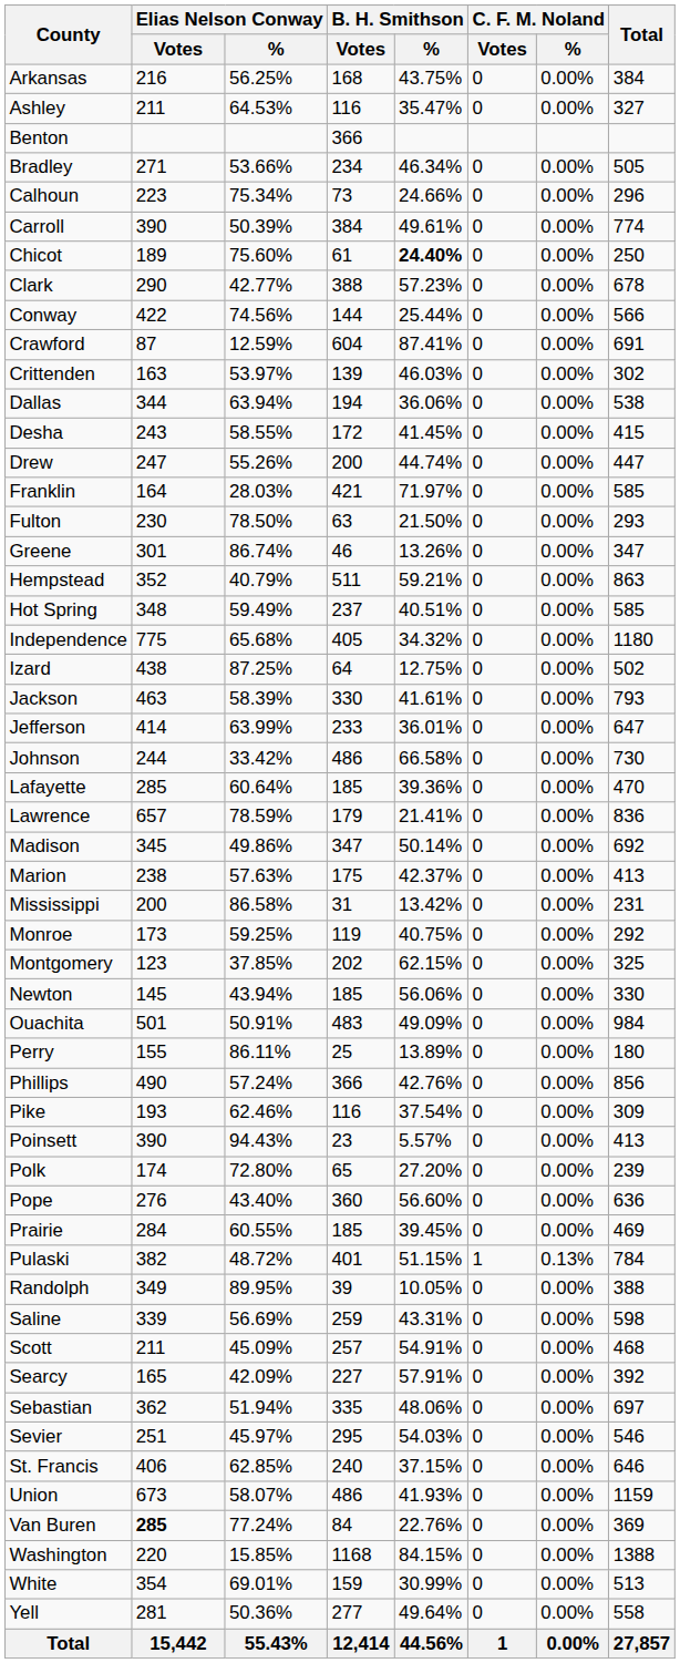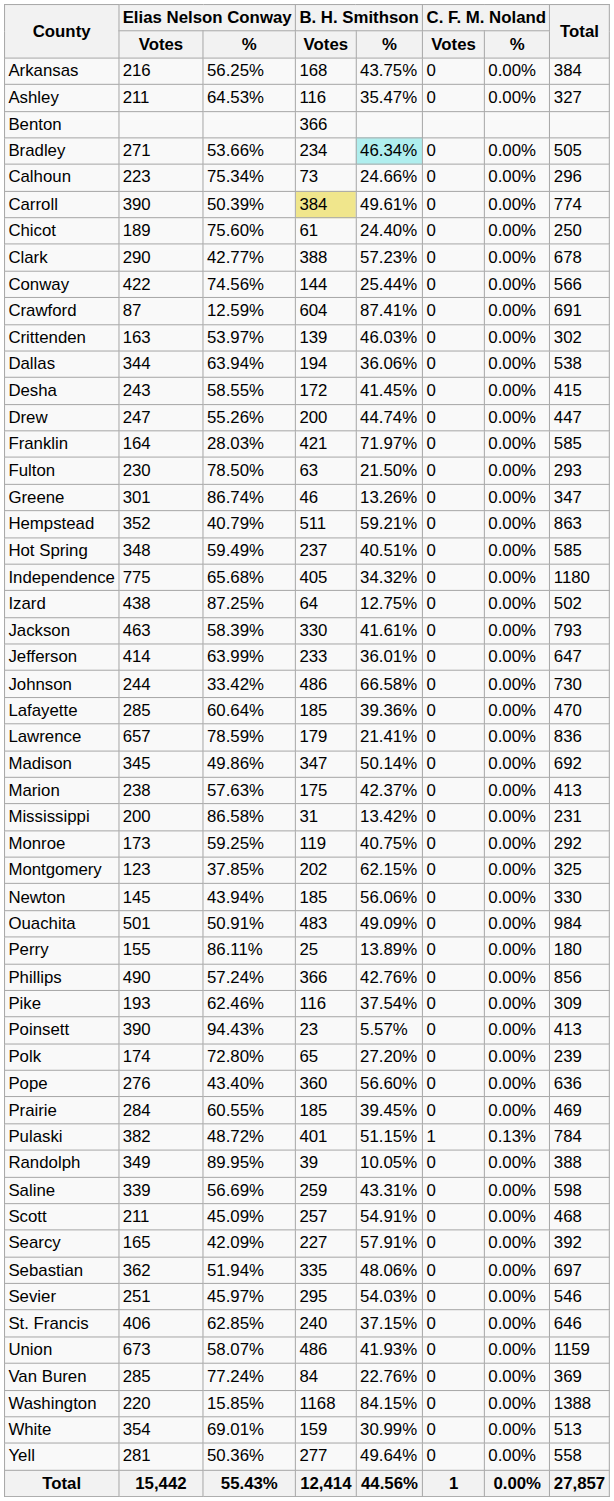 <table class="wikitable sortable mw-collapsible mw-collapsed">
 <tr>
 <th rowspan="2">County</th>
 <th colspan="2">Elias Nelson Conway</th>
 <th colspan="2">B. H. Smithson</th>
 <th colspan="2">C. F. M. Noland</th>
 <th rowspan="2">Total</th>
 </tr>
 <tr>
 <th>Votes</th>
 <th>%</th>
 <th>Votes</th>
 <th>%</th>
 <th>Votes</th>
 <th>%</th>
 </tr>
 <tr>
 <td>Arkansas</td>
 <td>216</td>
 <td>56.25%</td>
 <td>168</td>
 <td>43.75%</td>
 <td>0</td>
 <td>0.00%</td>
 <td>384</td>
 </tr>
 <tr>
 <td>Ashley</td>
 <td>211</td>
 <td>64.53%</td>
 <td>116</td>
 <td>35.47%</td>
 <td>0</td>
 <td>0.00%</td>
 <td>327</td>
 </tr>
 <tr>
 <td>Benton</td>
 <td></td>
 <td></td>
 <td>366</td>
 <td></td>
 <td></td>
 <td></td>
 <td></td>
 </tr>
 <tr>
 <td>Bradley</td>
 <td>271</td>
 <td>53.66%</td>
 <td>234</td>
-<td>46.34%</td>
+<td style="background: paleturquoise;">46.34%</td>
 <td>0</td>
 <td>0.00%</td>
 <td>505</td>
 </tr>
 <tr>
 <td>Calhoun</td>
 <td>223</td>
 <td>75.34%</td>
 <td>73</td>
 <td>24.66%</td>
 <td>0</td>
 <td>0.00%</td>
 <td>296</td>
 </tr>
 <tr>
 <td>Carroll</td>
 <td>390</td>
 <td>50.39%</td>
-<td>384</td>
+<td style="background: khaki;">384</td>
 <td>49.61%</td>
 <td>0</td>
 <td>0.00%</td>
 <td>774</td>
 </tr>
 <tr>
 <td>Chicot</td>
 <td>189</td>
 <td>75.60%</td>
 <td>61</td>
-<td><strong>24.40%</strong></td>
+<td>24.40%</td>
 <td>0</td>
 <td>0.00%</td>
 <td>250</td>
 </tr>
 <tr>
 <td>Clark</td>
 <td>290</td>
 <td>42.77%</td>
 <td>388</td>
 <td>57.23%</td>
 <td>0</td>
 <td>0.00%</td>
 <td>678</td>
 </tr>
 <tr>
 <td>Conway</td>
 <td>422</td>
 <td>74.56%</td>
 <td>144</td>
 <td>25.44%</td>
 <td>0</td>
 <td>0.00%</td>
 <td>566</td>
 </tr>
 <tr>
 <td>Crawford</td>
 <td>87</td>
 <td>12.59%</td>
 <td>604</td>
 <td>87.41%</td>
 <td>0</td>
 <td>0.00%</td>
 <td>691</td>
 </tr>
 <tr>
 <td>Crittenden</td>
 <td>163</td>
 <td>53.97%</td>
 <td>139</td>
 <td>46.03%</td>
 <td>0</td>
 <td>0.00%</td>
 <td>302</td>
 </tr>
 <tr>
 <td>Dallas</td>
 <td>344</td>
 <td>63.94%</td>
 <td>194</td>
 <td>36.06%</td>
 <td>0</td>
 <td>0.00%</td>
 <td>538</td>
 </tr>
 <tr>
 <td>Desha</td>
 <td>243</td>
 <td>58.55%</td>
 <td>172</td>
 <td>41.45%</td>
 <td>0</td>
 <td>0.00%</td>
 <td>415</td>
 </tr>
 <tr>
 <td>Drew</td>
 <td>247</td>
 <td>55.26%</td>
 <td>200</td>
 <td>44.74%</td>
 <td>0</td>
 <td>0.00%</td>
 <td>447</td>
 </tr>
 <tr>
 <td>Franklin</td>
 <td>164</td>
 <td>28.03%</td>
 <td>421</td>
 <td>71.97%</td>
 <td>0</td>
 <td>0.00%</td>
 <td>585</td>
 </tr>
 <tr>
 <td>Fulton</td>
 <td>230</td>
 <td>78.50%</td>
 <td>63</td>
 <td>21.50%</td>
 <td>0</td>
 <td>0.00%</td>
 <td>293</td>
 </tr>
 <tr>
 <td>Greene</td>
 <td>301</td>
 <td>86.74%</td>
 <td>46</td>
 <td>13.26%</td>
 <td>0</td>
 <td>0.00%</td>
 <td>347</td>
 </tr>
 <tr>
 <td>Hempstead</td>
 <td>352</td>
 <td>40.79%</td>
 <td>511</td>
 <td>59.21%</td>
 <td>0</td>
 <td>0.00%</td>
 <td>863</td>
 </tr>
 <tr>
 <td>Hot Spring</td>
 <td>348</td>
 <td>59.49%</td>
 <td>237</td>
 <td>40.51%</td>
 <td>0</td>
 <td>0.00%</td>
 <td>585</td>
 </tr>
 <tr>
 <td>Independence</td>
 <td>775</td>
 <td>65.68%</td>
 <td>405</td>
 <td>34.32%</td>
 <td>0</td>
 <td>0.00%</td>
 <td>1180</td>
 </tr>
 <tr>
 <td>Izard</td>
 <td>438</td>
 <td>87.25%</td>
 <td>64</td>
 <td>12.75%</td>
 <td>0</td>
 <td>0.00%</td>
 <td>502</td>
 </tr>
 <tr>
 <td>Jackson</td>
 <td>463</td>
 <td>58.39%</td>
 <td>330</td>
 <td>41.61%</td>
 <td>0</td>
 <td>0.00%</td>
 <td>793</td>
 </tr>
 <tr>
 <td>Jefferson</td>
 <td>414</td>
 <td>63.99%</td>
 <td>233</td>
 <td>36.01%</td>
 <td>0</td>
 <td>0.00%</td>
 <td>647</td>
 </tr>
 <tr>
 <td>Johnson</td>
 <td>244</td>
 <td>33.42%</td>
 <td>486</td>
 <td>66.58%</td>
 <td>0</td>
 <td>0.00%</td>
 <td>730</td>
 </tr>
 <tr>
 <td>Lafayette</td>
 <td>285</td>
 <td>60.64%</td>
 <td>185</td>
 <td>39.36%</td>
 <td>0</td>
 <td>0.00%</td>
 <td>470</td>
 </tr>
 <tr>
 <td>Lawrence</td>
 <td>657</td>
 <td>78.59%</td>
 <td>179</td>
 <td>21.41%</td>
 <td>0</td>
 <td>0.00%</td>
 <td>836</td>
 </tr>
 <tr>
 <td>Madison</td>
 <td>345</td>
 <td>49.86%</td>
 <td>347</td>
 <td>50.14%</td>
 <td>0</td>
 <td>0.00%</td>
 <td>692</td>
 </tr>
 <tr>
 <td>Marion</td>
 <td>238</td>
 <td>57.63%</td>
 <td>175</td>
 <td>42.37%</td>
 <td>0</td>
 <td>0.00%</td>
 <td>413</td>
 </tr>
 <tr>
 <td>Mississippi</td>
 <td>200</td>
 <td>86.58%</td>
 <td>31</td>
 <td>13.42%</td>
 <td>0</td>
 <td>0.00%</td>
 <td>231</td>
 </tr>
 <tr>
 <td>Monroe</td>
 <td>173</td>
 <td>59.25%</td>
 <td>119</td>
 <td>40.75%</td>
 <td>0</td>
 <td>0.00%</td>
 <td>292</td>
 </tr>
 <tr>
 <td>Montgomery</td>
 <td>123</td>
 <td>37.85%</td>
 <td>202</td>
 <td>62.15%</td>
 <td>0</td>
 <td>0.00%</td>
 <td>325</td>
 </tr>
 <tr>
 <td>Newton</td>
 <td>145</td>
 <td>43.94%</td>
 <td>185</td>
 <td>56.06%</td>
 <td>0</td>
 <td>0.00%</td>
 <td>330</td>
 </tr>
 <tr>
 <td>Ouachita</td>
 <td>501</td>
 <td>50.91%</td>
 <td>483</td>
 <td>49.09%</td>
 <td>0</td>
 <td>0.00%</td>
 <td>984</td>
 </tr>
 <tr>
 <td>Perry</td>
 <td>155</td>
 <td>86.11%</td>
 <td>25</td>
 <td>13.89%</td>
 <td>0</td>
 <td>0.00%</td>
 <td>180</td>
 </tr>
 <tr>
 <td>Phillips</td>
 <td>490</td>
 <td>57.24%</td>
 <td>366</td>
 <td>42.76%</td>
 <td>0</td>
 <td>0.00%</td>
 <td>856</td>
 </tr>
 <tr>
 <td>Pike</td>
 <td>193</td>
 <td>62.46%</td>
 <td>116</td>
 <td>37.54%</td>
 <td>0</td>
 <td>0.00%</td>
 <td>309</td>
 </tr>
 <tr>
 <td>Poinsett</td>
 <td>390</td>
 <td>94.43%</td>
 <td>23</td>
 <td>5.57%</td>
 <td>0</td>
 <td>0.00%</td>
 <td>413</td>
 </tr>
 <tr>
 <td>Polk</td>
 <td>174</td>
 <td>72.80%</td>
 <td>65</td>
 <td>27.20%</td>
 <td>0</td>
 <td>0.00%</td>
 <td>239</td>
 </tr>
 <tr>
 <td>Pope</td>
 <td>276</td>
 <td>43.40%</td>
 <td>360</td>
 <td>56.60%</td>
 <td>0</td>
 <td>0.00%</td>
 <td>636</td>
 </tr>
 <tr>
 <td>Prairie</td>
 <td>284</td>
 <td>60.55%</td>
 <td>185</td>
 <td>39.45%</td>
 <td>0</td>
 <td>0.00%</td>
 <td>469</td>
 </tr>
 <tr>
 <td>Pulaski</td>
 <td>382</td>
 <td>48.72%</td>
 <td>401</td>
 <td>51.15%</td>
 <td>1</td>
 <td>0.13%</td>
 <td>784</td>
 </tr>
 <tr>
 <td>Randolph</td>
 <td>349</td>
 <td>89.95%</td>
 <td>39</td>
 <td>10.05%</td>
 <td>0</td>
 <td>0.00%</td>
 <td>388</td>
 </tr>
 <tr>
 <td>Saline</td>
 <td>339</td>
 <td>56.69%</td>
 <td>259</td>
 <td>43.31%</td>
 <td>0</td>
 <td>0.00%</td>
 <td>598</td>
 </tr>
 <tr>
 <td>Scott</td>
 <td>211</td>
 <td>45.09%</td>
 <td>257</td>
 <td>54.91%</td>
 <td>0</td>
 <td>0.00%</td>
 <td>468</td>
 </tr>
 <tr>
 <td>Searcy</td>
 <td>165</td>
 <td>42.09%</td>
 <td>227</td>
 <td>57.91%</td>
 <td>0</td>
 <td>0.00%</td>
 <td>392</td>
 </tr>
 <tr>
 <td>Sebastian</td>
 <td>362</td>
 <td>51.94%</td>
 <td>335</td>
 <td>48.06%</td>
 <td>0</td>
 <td>0.00%</td>
 <td>697</td>
 </tr>
 <tr>
 <td>Sevier</td>
 <td>251</td>
 <td>45.97%</td>
 <td>295</td>
 <td>54.03%</td>
 <td>0</td>
 <td>0.00%</td>
 <td>546</td>
 </tr>
 <tr>
 <td>St. Francis</td>
 <td>406</td>
 <td>62.85%</td>
 <td>240</td>
 <td>37.15%</td>
 <td>0</td>
 <td>0.00%</td>
 <td>646</td>
 </tr>
 <tr>
 <td>Union</td>
 <td>673</td>
 <td>58.07%</td>
 <td>486</td>
 <td>41.93%</td>
 <td>0</td>
 <td>0.00%</td>
 <td>1159</td>
 </tr>
 <tr>
 <td>Van Buren</td>
-<td><strong>285</strong></td>
+<td>285</td>
 <td>77.24%</td>
 <td>84</td>
 <td>22.76%</td>
 <td>0</td>
 <td>0.00%</td>
 <td>369</td>
 </tr>
 <tr>
 <td>Washington</td>
 <td>220</td>
 <td>15.85%</td>
 <td>1168</td>
 <td>84.15%</td>
 <td>0</td>
 <td>0.00%</td>
 <td>1388</td>
 </tr>
 <tr>
 <td>White</td>
 <td>354</td>
 <td>69.01%</td>
 <td>159</td>
 <td>30.99%</td>
 <td>0</td>
 <td>0.00%</td>
 <td>513</td>
 </tr>
 <tr>
 <td>Yell</td>
 <td>281</td>
 <td>50.36%</td>
 <td>277</td>
 <td>49.64%</td>
 <td>0</td>
 <td>0.00%</td>
 <td>558</td>
 </tr>
 <tr>
 <th>Total</th>
 <th>15,442</th>
 <th>55.43%</th>
 <th>12,414</th>
 <th>44.56%</th>
 <th>1</th>
 <th>0.00%</th>
 <th>27,857</th>
 </tr>
 </table>
